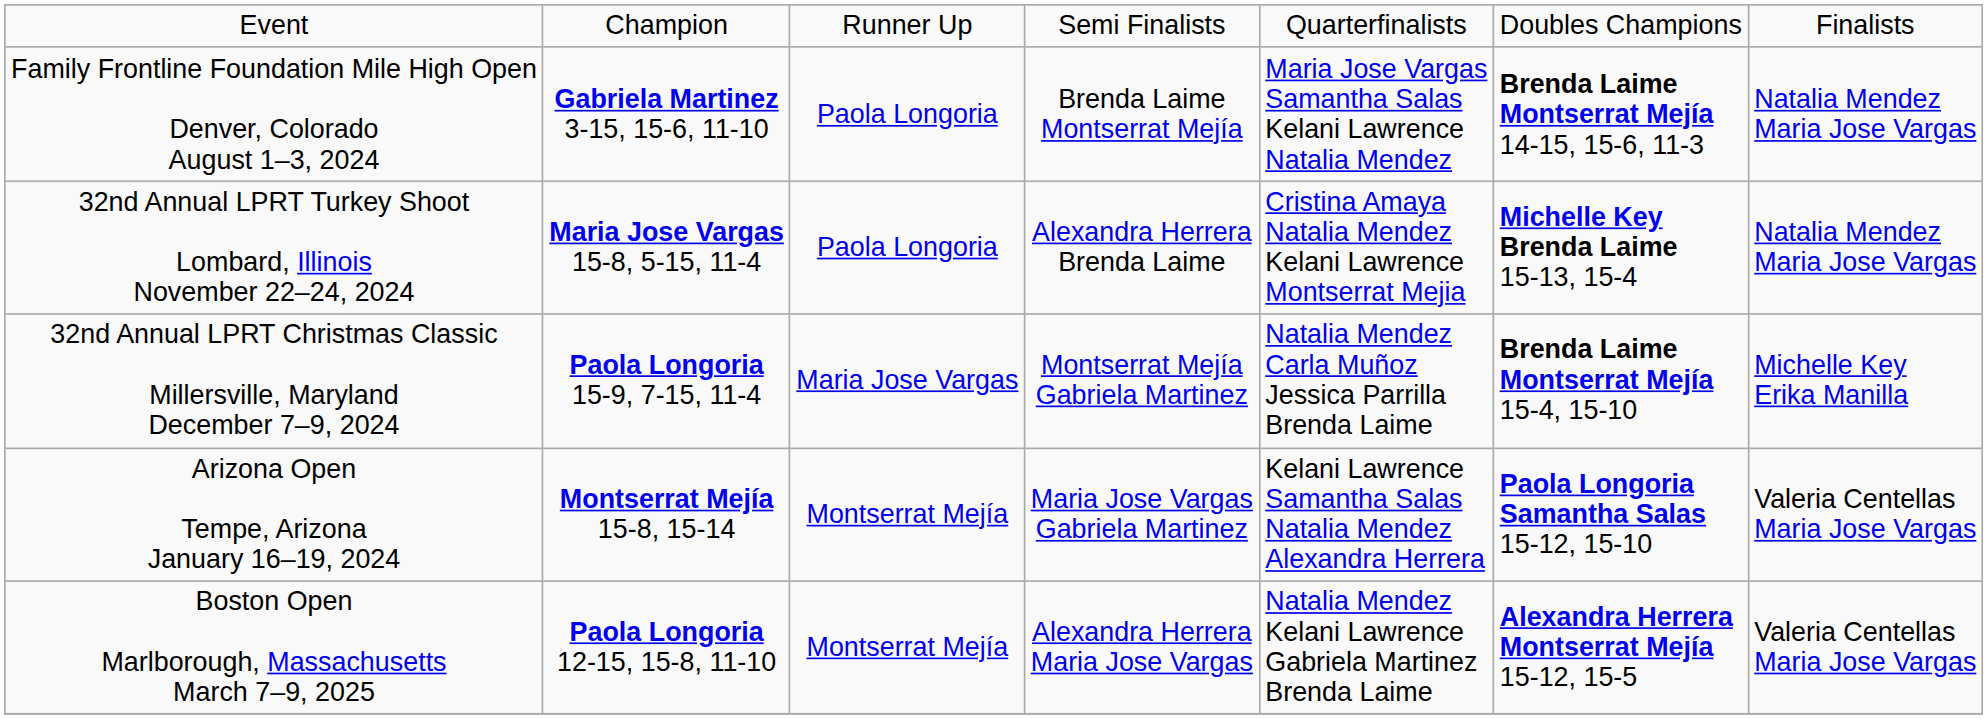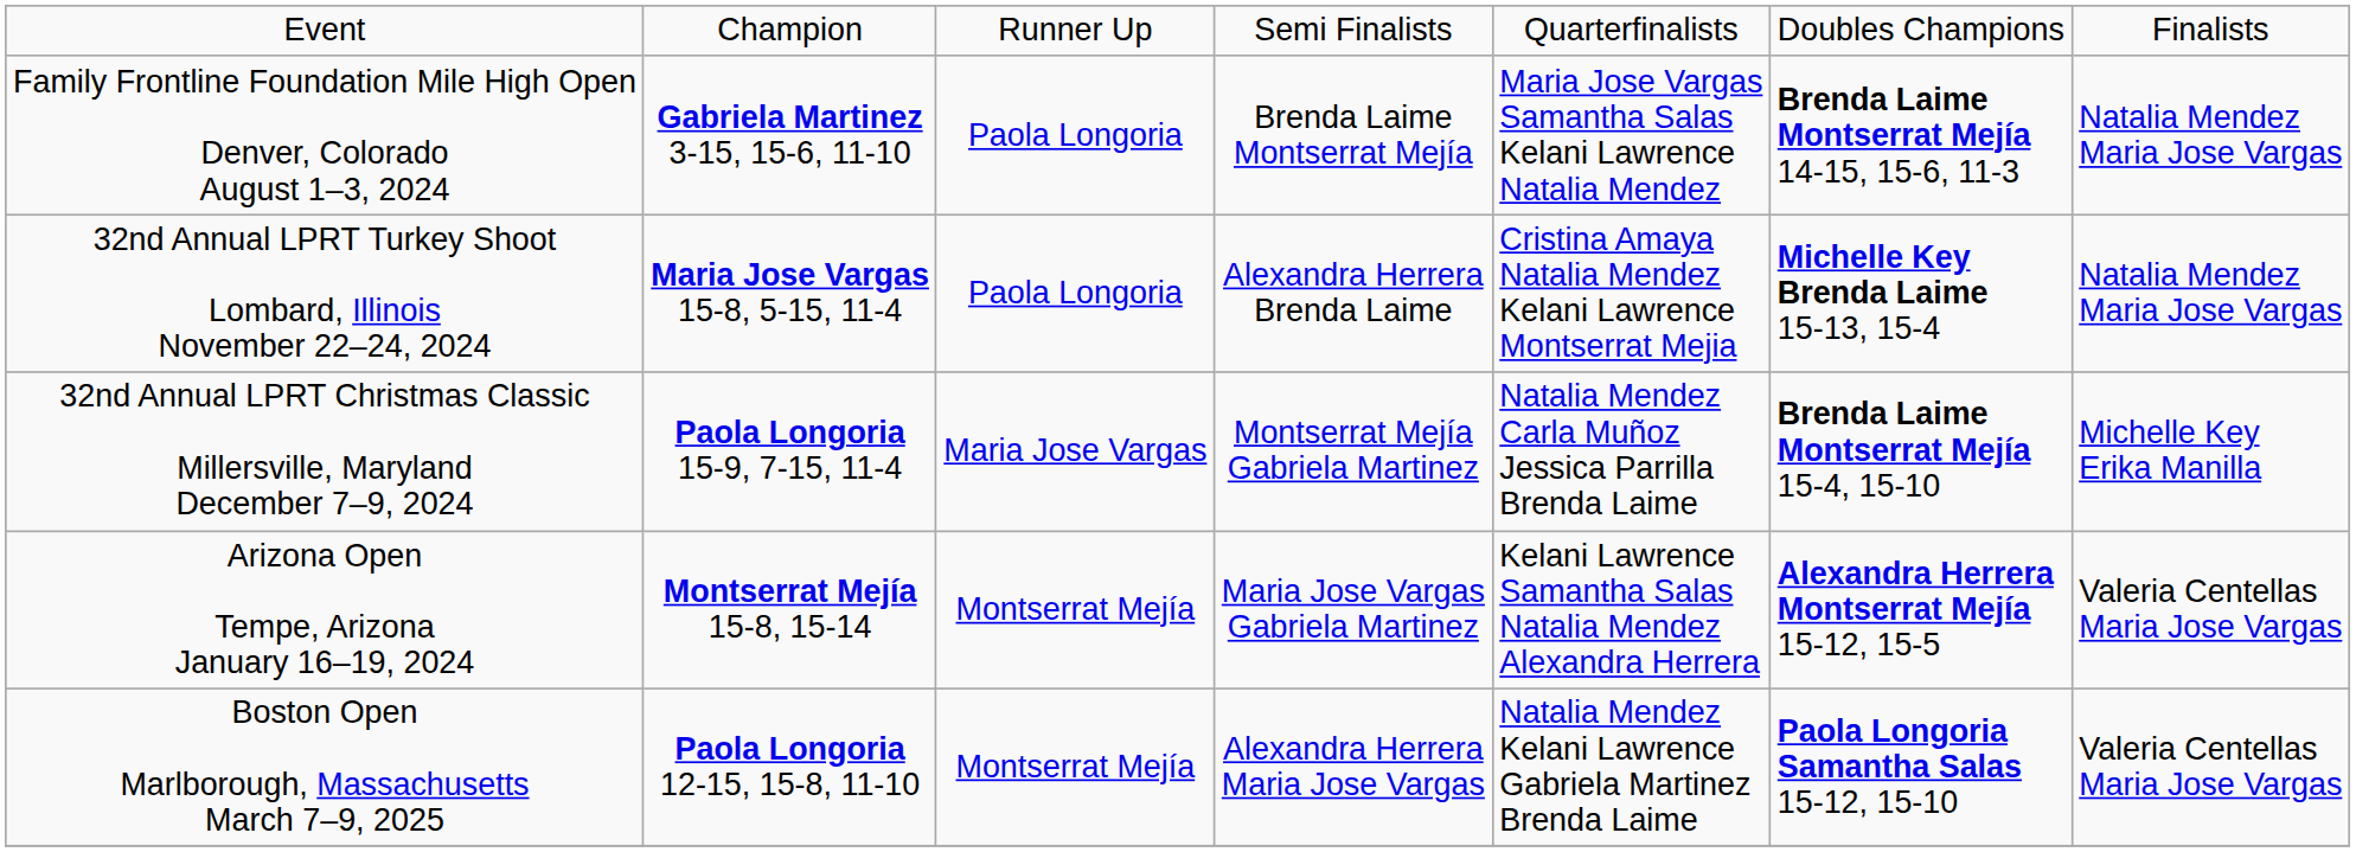 <table class="wikitable" | align=center  border="1" cellpadding="5" cellspacing="5">
 <tr>
 <td align=center>Event</td>
 <td align=center>Champion</td>
 <td align=center>Runner Up</td>
 <td align=center>Semi Finalists</td>
 <td align=center>Quarterfinalists</td>
 <td align=center>Doubles Champions</td>
 <td align=center>Finalists</td>
 </tr>
 <tr>
 <td align=center>Family Frontline Foundation Mile High Open<br><br>Denver, Colorado<br> August 1–3, 2024</td>
 <td align=center> <strong><a href='#'>Gabriela Martinez</a></strong><br>3-15, 15-6, 11-10</td>
 <td align=center> <a href='#'>Paola Longoria</a></td>
 <td align=center> Brenda Laime<br> <a href='#'>Montserrat Mejía</a></td>
 <td align=left> <a href='#'>Maria Jose Vargas</a><br> <a href='#'>Samantha Salas</a><br> Kelani Lawrence<br> <a href='#'>Natalia Mendez</a></td>
 <td> <strong>Brenda Laime</strong><br> <strong><a href='#'>Montserrat Mejía</a></strong><br>14-15, 15-6, 11-3</td>
 <td> <a href='#'>Natalia Mendez</a><br> <a href='#'>Maria Jose Vargas</a></td>
 </tr>
 <tr>
 <td align=center>32nd Annual LPRT Turkey Shoot<br><br>Lombard, <a href='#'>Illinois</a><br>November 22–24, 2024</td>
 <td align=center> <strong><a href='#'>Maria Jose Vargas</a></strong><br>15-8, 5-15, 11-4</td>
 <td align=center> <a href='#'>Paola Longoria</a></td>
 <td align=center> <a href='#'>Alexandra Herrera</a><br> Brenda Laime</td>
 <td align=left> <a href='#'>Cristina Amaya</a><br> <a href='#'>Natalia Mendez</a><br> Kelani Lawrence<br> <a href='#'>Montserrat Mejia</a></td>
 <td> <strong><a href='#'>Michelle Key</a></strong><br> <strong>Brenda Laime</strong><br>15-13, 15-4</td>
 <td> <a href='#'>Natalia Mendez</a><br> <a href='#'>Maria Jose Vargas</a></td>
 </tr>
 <tr>
 <td align=center>32nd Annual LPRT Christmas Classic<br><br>Millersville, Maryland<br> December 7–9, 2024</td>
 <td align=center> <strong><a href='#'>Paola Longoria</a></strong><br>15-9, 7-15, 11-4</td>
 <td align=center> <a href='#'>Maria Jose Vargas</a></td>
 <td align=center> <a href='#'>Montserrat Mejía</a><br> <a href='#'>Gabriela Martinez</a></td>
 <td align=left> <a href='#'>Natalia Mendez</a><br> <a href='#'>Carla Muñoz</a><br> Jessica Parrilla<br> Brenda Laime</td>
 <td> <strong>Brenda Laime</strong><br> <strong><a href='#'>Montserrat Mejía</a></strong><br>15-4, 15-10</td>
 <td> <a href='#'>Michelle Key</a><br> <a href='#'>Erika Manilla</a></td>
 </tr>
 <tr>
 <td align=center>Arizona Open<br><br>Tempe, Arizona<br> January 16–19, 2024</td>
 <td align=center> <strong><a href='#'>Montserrat Mejía</a></strong><br>15-8, 15-14</td>
 <td align=center> <a href='#'>Montserrat Mejía</a></td>
 <td align=center> <a href='#'>Maria Jose Vargas</a><br> <a href='#'>Gabriela Martinez</a></td>
 <td align=left> Kelani Lawrence<br> <a href='#'>Samantha Salas</a><br> <a href='#'>Natalia Mendez</a><br> <a href='#'>Alexandra Herrera</a></td>
-<td> <strong><a href='#'>Paola Longoria</a></strong><br> <strong><a href='#'>Samantha Salas</a></strong><br>15-12, 15-10</td>
+<td> <strong><a href='#'>Alexandra Herrera</a></strong><br> <strong><a href='#'>Montserrat Mejía</a></strong><br>15-12, 15-5</td>
 <td> Valeria Centellas<br> <a href='#'>Maria Jose Vargas</a></td>
 </tr>
 <tr>
 <td align=center>Boston Open<br><br>Marlborough, <a href='#'>Massachusetts</a><br> March 7–9, 2025</td>
 <td align=center> <strong><a href='#'>Paola Longoria</a></strong><br>12-15, 15-8, 11-10</td>
 <td align=center> <a href='#'>Montserrat Mejía</a></td>
 <td align=center> <a href='#'>Alexandra Herrera</a><br> <a href='#'>Maria Jose Vargas</a></td>
 <td align=left> <a href='#'>Natalia Mendez</a><br> Kelani Lawrence<br> Gabriela Martinez<br> Brenda Laime</td>
-<td> <strong><a href='#'>Alexandra Herrera</a></strong><br> <strong><a href='#'>Montserrat Mejía</a></strong><br>15-12, 15-5</td>
+<td> <strong><a href='#'>Paola Longoria</a></strong><br> <strong><a href='#'>Samantha Salas</a></strong><br>15-12, 15-10</td>
 <td> Valeria Centellas<br> <a href='#'>Maria Jose Vargas</a></td>
 </tr>
 <tr>
 </tr>
 </table>
